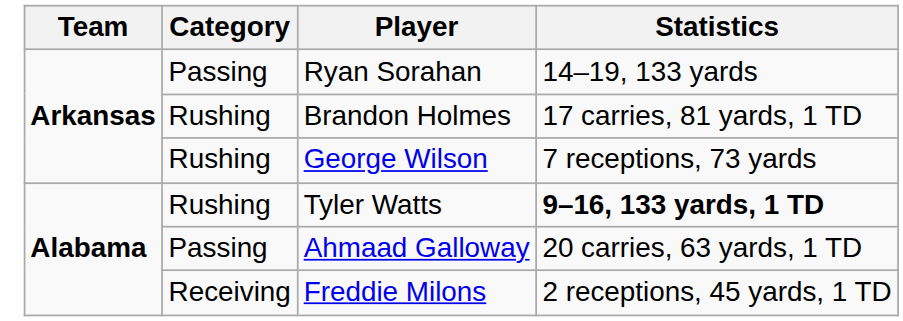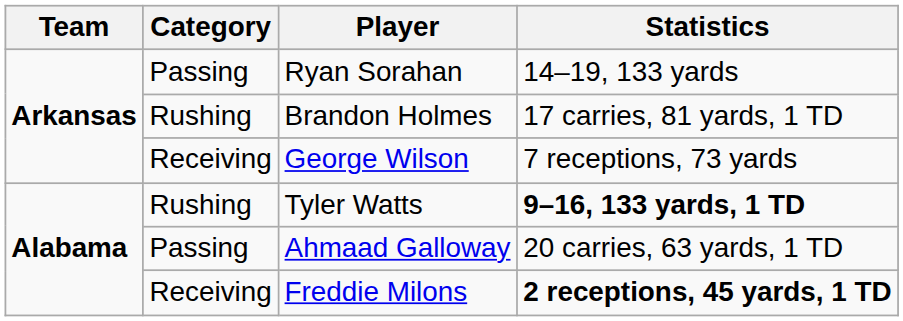 <table class="wikitable" style="float: right;">
 <tr>
 <th>Team</th>
 <th>Category</th>
 <th>Player</th>
 <th>Statistics</th>
 </tr>
 <tr>
 <td rowspan=3><strong>Arkansas</strong></td>
 <td>Passing</td>
 <td>Ryan Sorahan</td>
 <td>14–19, 133 yards</td>
 </tr>
 <tr>
 <td>Rushing</td>
 <td>Brandon Holmes</td>
 <td>17 carries, 81 yards, 1 TD</td>
 </tr>
 <tr>
-<td>Rushing</td>
+<td>Receiving</td>
 <td><a href='#'>George Wilson</a></td>
 <td>7 receptions, 73 yards</td>
 </tr>
 <tr>
 <td rowspan=3><strong>Alabama</strong></td>
 <td>Rushing</td>
 <td>Tyler Watts</td>
 <td><strong>9–16, 133 yards, 1 TD</strong></td>
 </tr>
 <tr>
 <td>Passing</td>
 <td><a href='#'>Ahmaad Galloway</a></td>
 <td>20 carries, 63 yards, 1 TD</td>
 </tr>
 <tr>
 <td>Receiving</td>
 <td><a href='#'>Freddie Milons</a></td>
-<td>2 receptions, 45 yards, 1 TD</td>
+<td><strong>2 receptions, 45 yards, 1 TD</strong></td>
 </tr>
 </table>
